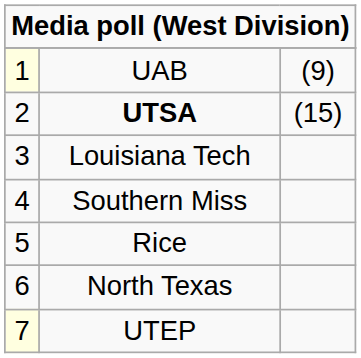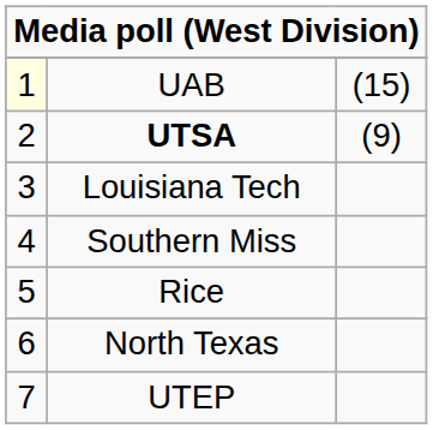 <table class="wikitable" style="display: inline-table;">
 <tr>
 <td align="center" Colspan="3"><strong>Media poll (West Division)</strong></td>
 </tr>
 <tr align="center">
 </tr>
 <tr align="center">
 <td style="background: lightyellow;">1</td>
 <td>UAB</td>
-<td>(9)</td>
+<td>(15)</td>
 </tr>
 <tr align="center">
 <td>2</td>
 <td><strong>UTSA</strong></td>
-<td>(15)</td>
+<td>(9)</td>
 </tr>
 <tr align="center">
 <td>3</td>
 <td>Louisiana Tech</td>
 <td></td>
 </tr>
 <tr align="center">
 <td>4</td>
 <td>Southern Miss</td>
 <td></td>
 </tr>
 <tr align="center">
 <td>5</td>
 <td>Rice</td>
 <td></td>
 </tr>
 <tr align="center">
 <td>6</td>
 <td>North Texas</td>
 <td></td>
 </tr>
 <tr align="center">
-<td style="background: lightyellow;">7</td>
+<td>7</td>
 <td>UTEP</td>
 <td></td>
 </tr>
 </table>
